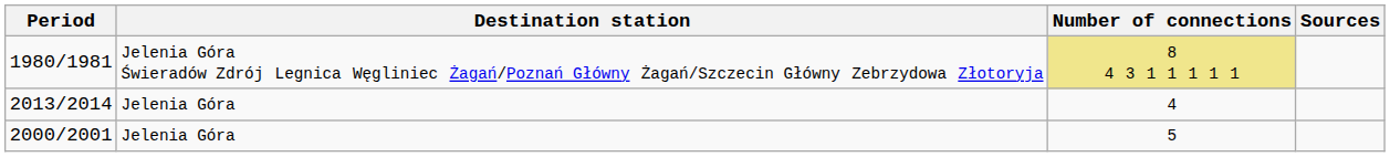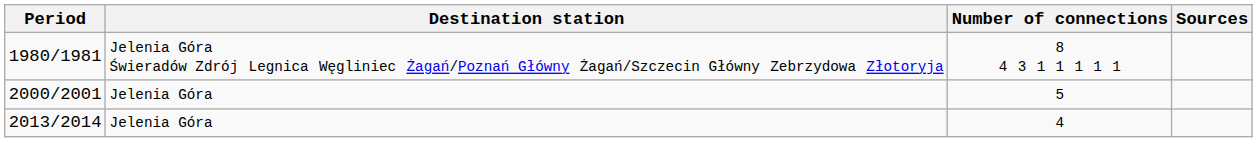 <table class="wikitable" style="text-align:center">
 <tr>
 <th>Period</th>
 <th>Destination station</th>
 <th>Number of connections</th>
 <th>Sources</th>
 </tr>
 <tr>
 <td>1980/1981</td>
 <td style="text-align:left"><small>Jelenia Góra</small><br><small>Świeradów Zdrój</small> <small>Legnica</small> <small>Węgliniec</small> <small><a href='#'>Żagań</a>/<a href='#'>Poznań Główny</a></small> <small>Żagań/Szczecin Główny</small> <small>Zebrzydowa</small> <small><a href='#'>Złotoryja</a></small></td>
-<td style="background: khaki;"><small>8</small><br><small>4</small> <small>3</small> <small>1</small> <small>1</small> <small>1</small> <small>1</small> <small>1</small></td>
+<td><small>8</small><br><small>4</small> <small>3</small> <small>1</small> <small>1</small> <small>1</small> <small>1</small> <small>1</small></td>
+<td></td>
+</tr>
+<tr>
+<td>2000/2001</td>
+<td style="text-align:left"><small>Jelenia Góra</small></td>
+<td><small>5</small></td>
 <td></td>
 </tr>
 <tr>
 <td>2013/2014</td>
 <td style="text-align:left"><small>Jelenia Góra</small></td>
 <td><small>4</small></td>
 <td></td>
 </tr>
-<tr>
-<td>2000/2001</td>
-<td style="text-align:left"><small>Jelenia Góra</small></td>
-<td><small>5</small></td>
-<td></td>
-</tr>
 </table>
